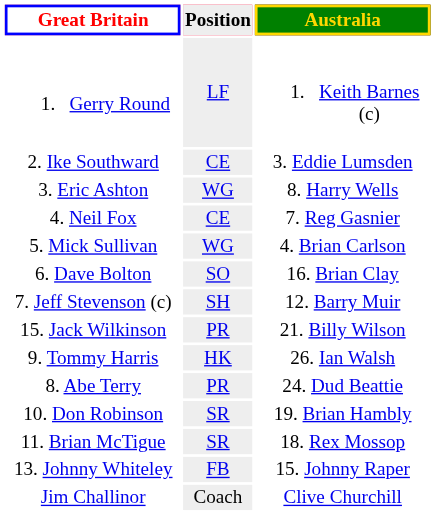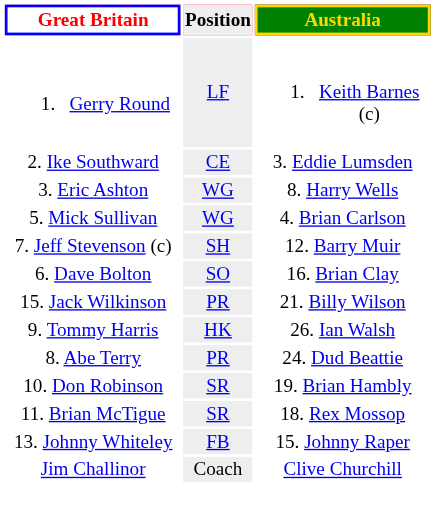 <table align=right style="font-size:90%; margin-left:1em">
 <tr bgcolor=#FF0033>
 <th align="centre" width="126" style="border: 2px solid blue; background: white; color: red">Great Britain</th>
 <th align="center" style="background: #eeeeee; color: black">Position</th>
 <th align="centre" width="126" style="border: 2px solid gold; background: green; color: gold">Australia</th>
 </tr>
 <tr>
 <td align="center"><br><ol><li><a href='#'>Gerry Round</a></li></ol></td>
 <td align="center" style="background: #eeeeee"><a href='#'>LF</a></td>
 <td align="center"><br><ol><li><a href='#'>Keith Barnes</a> (c)</li></ol></td>
 </tr>
 <tr>
 <td align="center">2. <a href='#'>Ike Southward</a></td>
 <td align="center" style="background: #eeeeee"><a href='#'>CE</a></td>
 <td align="center">3. <a href='#'>Eddie Lumsden</a></td>
 </tr>
 <tr>
 <td align="center">3. <a href='#'>Eric Ashton</a></td>
 <td align="center" style="background: #eeeeee"><a href='#'>WG</a></td>
 <td align="center">8. <a href='#'>Harry Wells</a></td>
 </tr>
 <tr>
-<td align="center">4. <a href='#'>Neil Fox</a></td>
-<td align="center" style="background: #eeeeee"><a href='#'>CE</a></td>
-<td align="center">7. <a href='#'>Reg Gasnier</a></td>
-</tr>
-<tr>
 <td align="center">5. <a href='#'>Mick Sullivan</a></td>
 <td align="center" style="background: #eeeeee"><a href='#'>WG</a></td>
 <td align="center">4. <a href='#'>Brian Carlson</a></td>
 </tr>
 <tr>
+<td align="center">7. <a href='#'>Jeff Stevenson</a> (c)</td>
+<td align="center" style="background: #eeeeee"><a href='#'>SH</a></td>
+<td align="center">12. <a href='#'>Barry Muir</a></td>
+</tr>
+<tr>
 <td align="center">6. <a href='#'>Dave Bolton</a></td>
 <td align="center" style="background: #eeeeee"><a href='#'>SO</a></td>
 <td align="center">16. <a href='#'>Brian Clay</a></td>
-</tr>
-<tr>
-<td align="center">7. <a href='#'>Jeff Stevenson</a> (c)</td>
-<td align="center" style="background: #eeeeee"><a href='#'>SH</a></td>
-<td align="center">12. <a href='#'>Barry Muir</a></td>
 </tr>
 <tr>
 <td align="center">15. <a href='#'>Jack Wilkinson</a></td>
 <td align="center" style="background: #eeeeee"><a href='#'>PR</a></td>
 <td align="center">21. <a href='#'>Billy Wilson</a></td>
 </tr>
 <tr>
 <td align="center">9. <a href='#'>Tommy Harris</a></td>
 <td align="center" style="background: #eeeeee"><a href='#'>HK</a></td>
 <td align="center">26. <a href='#'>Ian Walsh</a></td>
 </tr>
 <tr>
 <td align="center">8. <a href='#'>Abe Terry</a></td>
 <td align="center" style="background: #eeeeee"><a href='#'>PR</a></td>
 <td align="center">24. <a href='#'>Dud Beattie</a></td>
 </tr>
 <tr>
 <td align="center">10. <a href='#'>Don Robinson</a></td>
 <td align="center" style="background: #eeeeee"><a href='#'>SR</a></td>
 <td align="center">19. <a href='#'>Brian Hambly</a></td>
 </tr>
 <tr>
 <td align="center">11. <a href='#'>Brian McTigue</a></td>
 <td align="center" style="background: #eeeeee"><a href='#'>SR</a></td>
 <td align="center">18. <a href='#'>Rex Mossop</a></td>
 </tr>
 <tr>
 <td align="center">13. <a href='#'>Johnny Whiteley</a></td>
 <td align="center" style="background: #eeeeee"><a href='#'>FB</a></td>
 <td align="center">15. <a href='#'>Johnny Raper</a></td>
 </tr>
 <tr>
 <td align="center"><a href='#'>Jim Challinor</a></td>
 <td align="center" style="background: #eeeeee">Coach</td>
 <td align="center"><a href='#'>Clive Churchill</a></td>
 </tr>
 </table>
